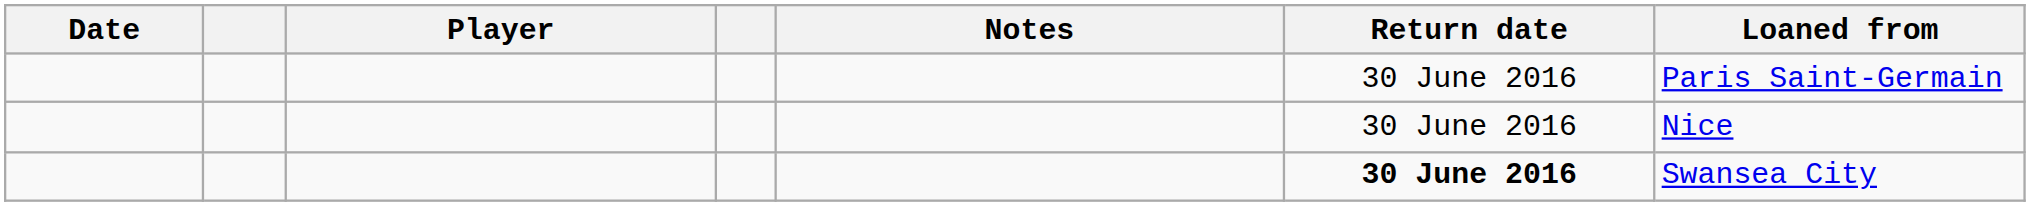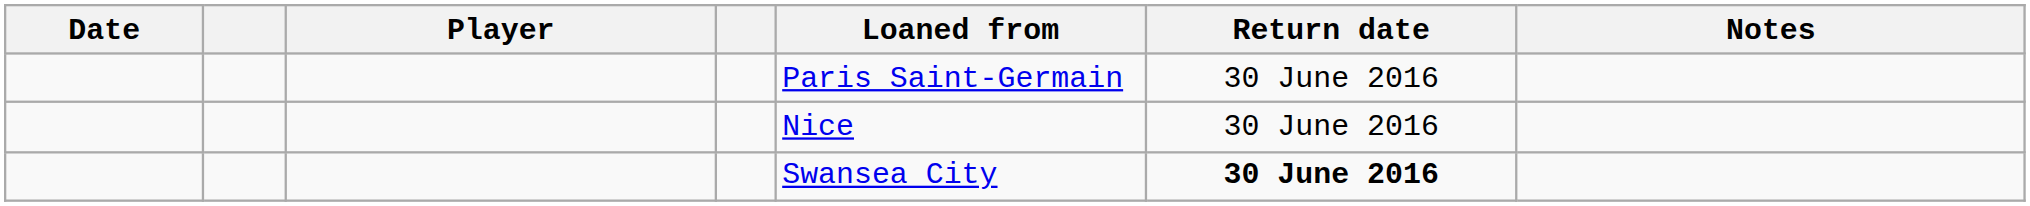 <table class="wikitable sortable">
 <tr>
 <th style="width:80px;">Date</th>
 <th style="width:30px;"></th>
 <th style="width:180px;">Player</th>
 <th style="width:20px;"></th>
+<th style="width:155px;">Loaned from</th>
+<th style="width:155px;" class="unsortable">Return date</th>
 <th style="width:215px;" class="unsortable">Notes</th>
-<th style="width:155px;" class="unsortable">Return date</th>
-<th style="width:155px;">Loaned from</th>
 </tr>
 <tr>
 <td></td>
 <td align=center></td>
 <td> </td>
 <td></td>
+<td> <a href='#'>Paris Saint-Germain</a></td>
+<td align=center>30 June 2016</td>
 <td align=center></td>
-<td align=center>30 June 2016</td>
-<td> <a href='#'>Paris Saint-Germain</a></td>
 </tr>
 <tr>
 <td></td>
 <td align=center></td>
 <td> </td>
 <td></td>
+<td> <a href='#'>Nice</a></td>
+<td align=center>30 June 2016</td>
 <td align=center></td>
-<td align=center>30 June 2016</td>
-<td> <a href='#'>Nice</a></td>
 </tr>
 <tr>
 <td></td>
 <td align=center></td>
 <td> </td>
 <td></td>
+<td> <a href='#'>Swansea City</a></td>
+<td align=center><strong>30 June 2016</strong></td>
 <td align=center></td>
-<td align=center><strong>30 June 2016</strong></td>
-<td> <a href='#'>Swansea City</a></td>
 </tr>
 </table>
